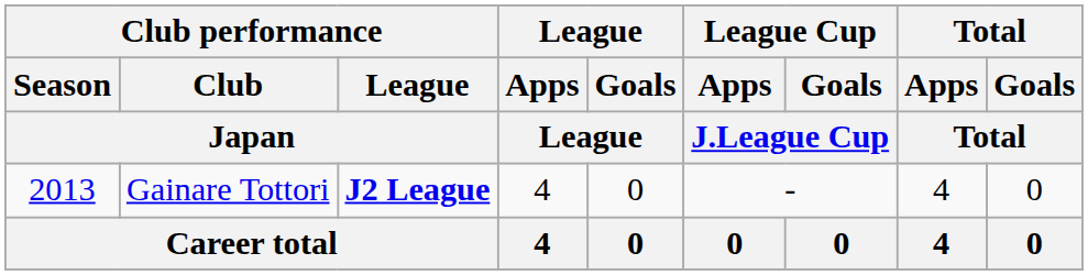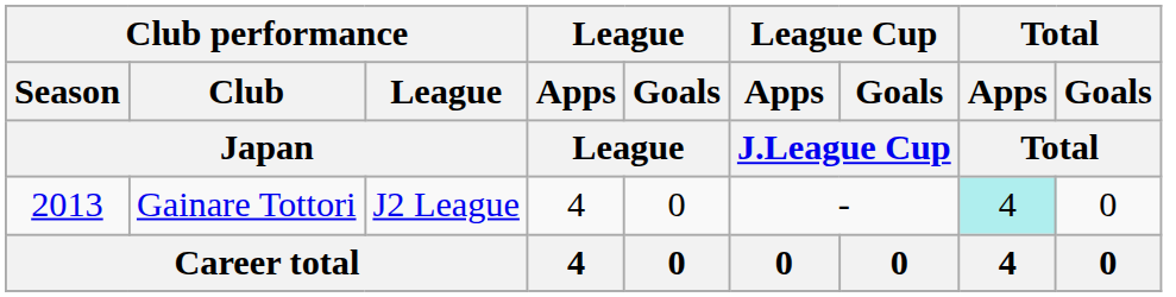 <table class="wikitable" style="text-align:center">
 <tr>
 <th colspan="3">Club performance</th>
 <th colspan="2">League</th>
 <th colspan="2">League Cup</th>
 <th colspan="2">Total</th>
 </tr>
 <tr>
 <th>Season</th>
 <th>Club</th>
 <th>League</th>
 <th>Apps</th>
 <th>Goals</th>
 <th>Apps</th>
 <th>Goals</th>
 <th>Apps</th>
 <th>Goals</th>
 </tr>
 <tr>
 <th colspan="3">Japan</th>
 <th colspan="2">League</th>
 <th colspan="2"><a href='#'>J.League Cup</a></th>
 <th colspan="2">Total</th>
 </tr>
 <tr>
 <td><a href='#'>2013</a></td>
 <td><a href='#'>Gainare Tottori</a></td>
-<td><strong><a href='#'>J2 League</a></strong></td>
+<td><a href='#'>J2 League</a></td>
 <td>4</td>
 <td>0</td>
 <td colspan="2">-</td>
-<td>4</td>
+<td style="background: paleturquoise;">4</td>
 <td>0</td>
 </tr>
 <tr>
 <th colspan=3>Career total</th>
 <th>4</th>
 <th>0</th>
 <th>0</th>
 <th>0</th>
 <th>4</th>
 <th>0</th>
 </tr>
 </table>
